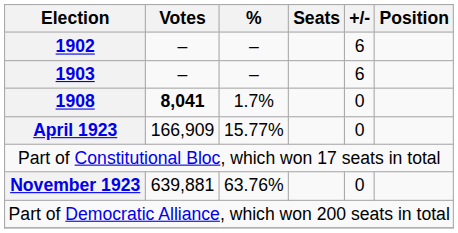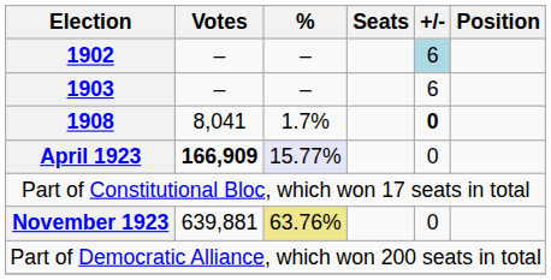 <table class="wikitable" style="text-align:center">
 <tr>
 <th>Election</th>
 <th>Votes</th>
 <th>%</th>
 <th>Seats</th>
 <th>+/-</th>
 <th>Position</th>
 </tr>
 <tr>
 <th><a href='#'>1902</a></th>
 <td>–</td>
 <td>–</td>
 <td></td>
-<td> 6</td>
+<td style="background: lightblue;"> 6</td>
 <td></td>
 </tr>
 <tr>
 <th><a href='#'>1903</a></th>
 <td>–</td>
 <td>–</td>
 <td></td>
 <td> 6</td>
 <td></td>
 </tr>
 <tr>
 <th><a href='#'>1908</a></th>
-<td><strong>8,041</strong></td>
+<td>8,041</td>
 <td>1.7%</td>
 <td></td>
-<td> 0</td>
+<td><strong> 0</strong></td>
 <td></td>
 </tr>
 <tr>
 <th><a href='#'>April 1923</a></th>
-<td>166,909</td>
-<td>15.77%</td>
+<td><strong>166,909</strong></td>
+<td style="background: lavender;">15.77%</td>
 <td></td>
 <td> 0</td>
 <td></td>
 </tr>
 <tr>
 <td colspan=7>Part of <a href='#'>Constitutional Bloc</a>, which won 17 seats in total</td>
 </tr>
 <tr>
 <th><a href='#'>November 1923</a></th>
 <td>639,881</td>
-<td>63.76%</td>
+<td style="background: khaki;">63.76%</td>
 <td></td>
 <td> 0</td>
 <td></td>
 </tr>
 <tr>
 <td colspan=7>Part of <a href='#'>Democratic Alliance</a>, which won 200 seats in total</td>
 </tr>
 <tr>
 </tr>
 </table>
